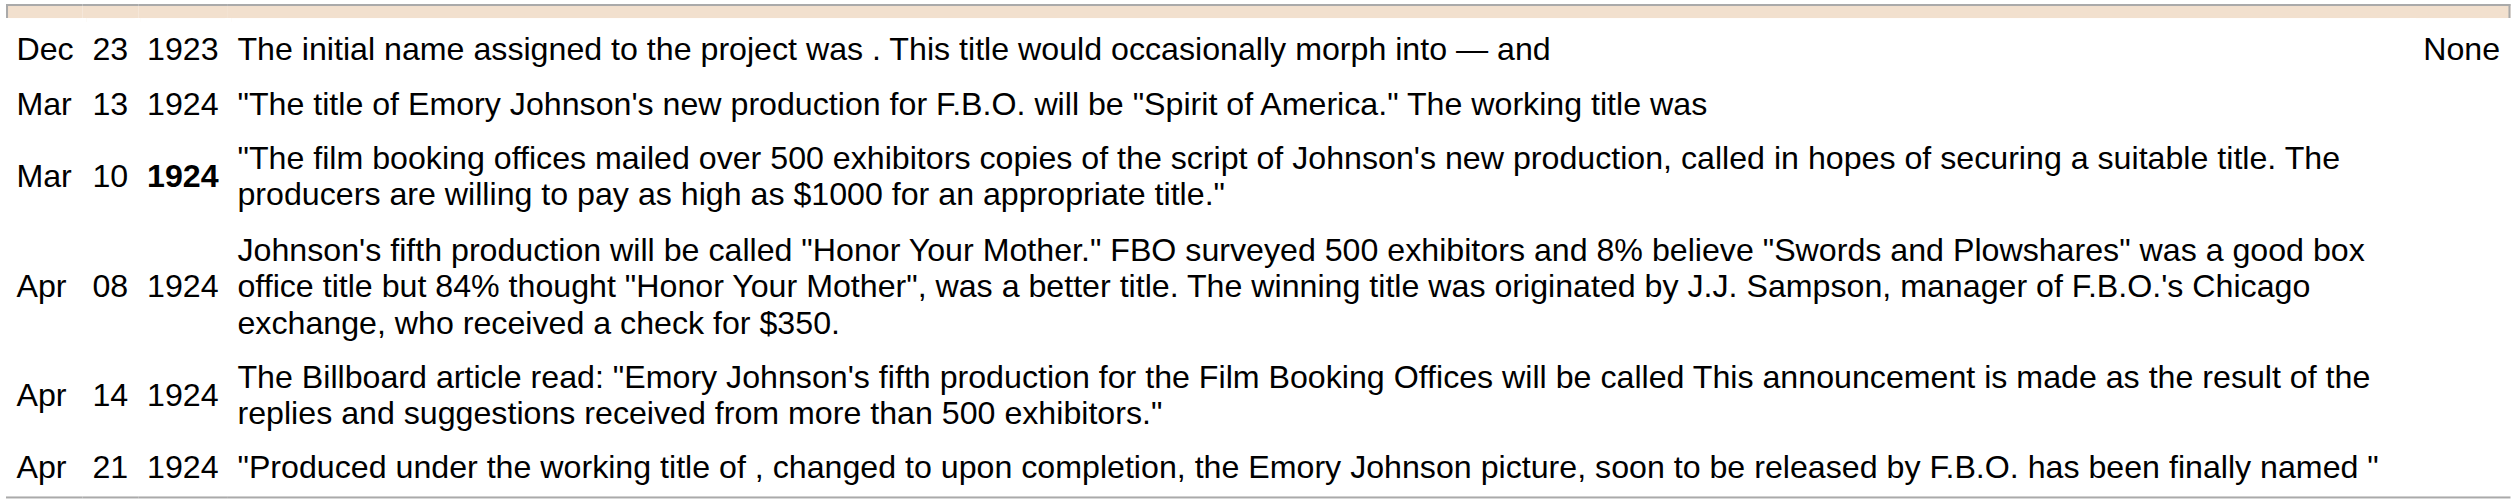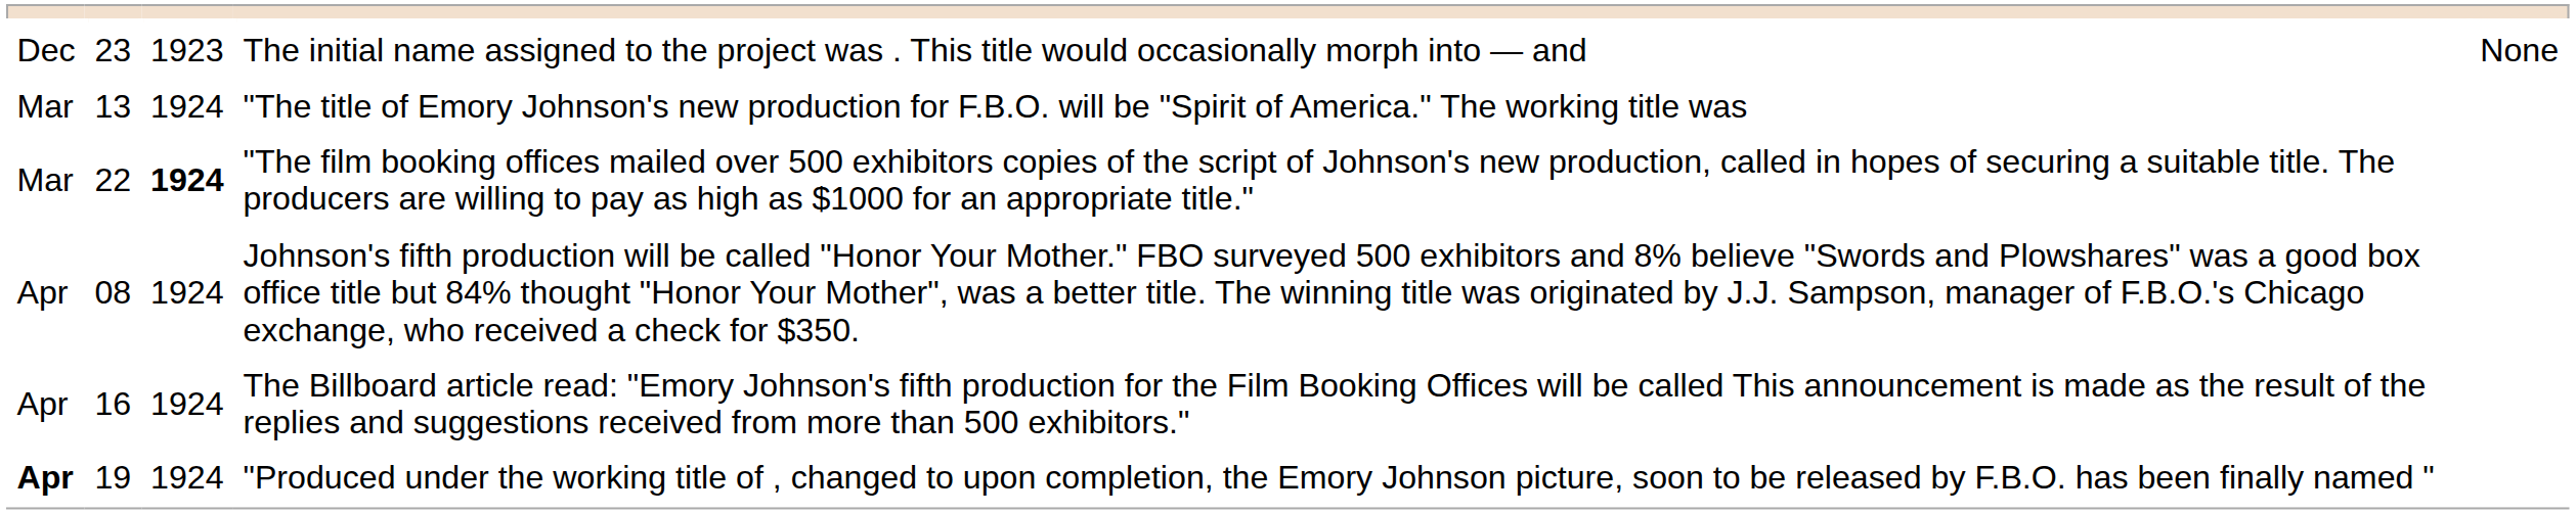 <table class="wikitable plainrowheaders mw-collapsible" style="background:#FFFFFF;  font-size:100%; Align:left ">
 <tr>
 <th style="border: 0px solid #FFFAF5; background:#F2E0CE"></th>
 <th style="border:0px solid #FFFAF5; background:#F2E0CE"></th>
 <th style="border:0px solid #FFFAF5; background:#F2E0CE"></th>
 <th style="border:0px solid #FFFAF5; background:#F2E0CE"></th>
 <th style="border:0px solid #FFFAF5; background:#F2E0CE"></th>
 </tr>
 <tr>
 <td style="border:3px solid #FFFFFF">Dec</td>
 <td style="border:3px solid #FFFFFF">23</td>
 <td style="border:3px solid #FFFFFF">1923</td>
 <td style="border:3px solid #FFFFFF">The initial name assigned to the project was . This title would occasionally morph into —  and </td>
 <td style="border:3px solid #FFFFFF">None</td>
 </tr>
 <tr>
 <td style="border:3px solid #FFFFFF">Mar</td>
 <td style="border:3px solid #FFFFFF">13</td>
 <td style="border:3px solid #FFFFFF">1924</td>
 <td style="border:3px solid #FFFFFF">"The title of Emory Johnson's new production for F.B.O. will be "Spirit of America." The working title was </td>
 <td style="border:3px solid #FFFFFF"></td>
 </tr>
 <tr>
 <td style="border:3px solid #FFFFFF">Mar</td>
-<td style="border:3px solid #FFFFFF">10</td>
+<td style="border:3px solid #FFFFFF">22</td>
 <td style="border:3px solid #FFFFFF"><strong>1924</strong></td>
 <td style="border:3px solid #FFFFFF">"The film booking offices mailed over 500 exhibitors copies of the script of Johnson's new production, called  in hopes of securing a suitable title. The producers are willing to pay as high as $1000 for an appropriate title."</td>
 <td style="border:3px solid #FFFFFF"></td>
 </tr>
 <tr>
 <td style="border:3px solid #FFFFFF">Apr</td>
 <td style="border:3px solid #FFFFFF">08</td>
 <td style="border:3px solid #FFFFFF">1924</td>
 <td style="border:3px solid #FFFFFF">Johnson's fifth production will be called "Honor Your Mother." FBO surveyed 500 exhibitors and 8% believe "Swords and Plowshares" was a good box office title but 84% thought "Honor Your Mother", was a better title. The winning title was originated by J.J. Sampson, manager of F.B.O.'s Chicago exchange, who received a check for $350.</td>
 <td style="border:3px solid #FFFFFF"></td>
 </tr>
 <tr>
 <td style="border:3px solid #FFFFFF">Apr</td>
-<td style="border:3px solid #FFFFFF">14</td>
+<td style="border:3px solid #FFFFFF">16</td>
 <td style="border:3px solid #FFFFFF">1924</td>
 <td style="border:3px solid #FFFFFF">The Billboard article read: "Emory Johnson's fifth production for the Film Booking Offices will be called  This announcement is made as the result of the replies and suggestions received from more than 500 exhibitors."</td>
 <td style="border:3px solid #FFFFFF"></td>
 </tr>
 <tr>
-<td style="border:3px solid #FFFFFF">Apr</td>
-<td style="border:3px solid #FFFFFF">21</td>
+<td style="border:3px solid #FFFFFF"><strong>Apr</strong></td>
+<td style="border:3px solid #FFFFFF">19</td>
 <td style="border:3px solid #FFFFFF">1924</td>
 <td style="border:3px solid #FFFFFF">"Produced under the working title of , changed to  upon completion, the Emory Johnson picture, soon to be released by F.B.O. has been finally named "</td>
 <td style="border:3px solid #FFFFFF"></td>
 </tr>
 <tr>
 </tr>
 </table>
